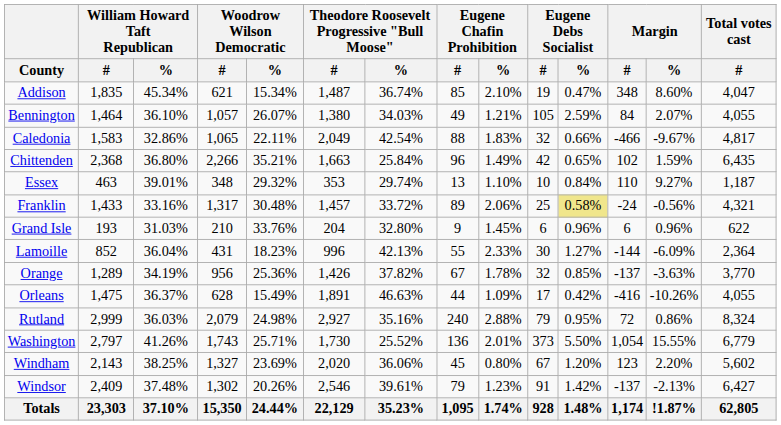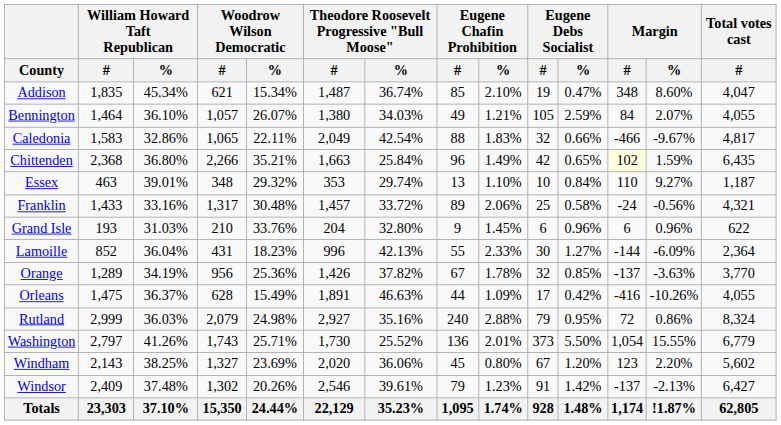 <table class="wikitable sortable">
 <tr>
 <th colspan=1></th>
 <th style="text-align:center;" colspan="2">William Howard Taft<br>Republican</th>
 <th style="text-align:center;" colspan="2">Woodrow Wilson<br>Democratic</th>
 <th style="text-align:center;" colspan="2">Theodore Roosevelt<br>Progressive "Bull Moose"</th>
 <th style="text-align:center;" colspan="2">Eugene Chafin<br>Prohibition</th>
 <th style="text-align:center;" colspan="2">Eugene Debs<br>Socialist</th>
 <th style="text-align:center;" colspan="2">Margin</th>
 <th style="text-align:center;" colspan="1">Total votes cast</th>
 </tr>
 <tr>
 <th align=center>County</th>
 <th style="text-align:center;" data-sort-type="number">#</th>
 <th style="text-align:center;" data-sort-type="number">%</th>
 <th style="text-align:center;" data-sort-type="number">#</th>
 <th style="text-align:center;" data-sort-type="number">%</th>
 <th style="text-align:center;" data-sort-type="number">#</th>
 <th style="text-align:center;" data-sort-type="number">%</th>
 <th style="text-align:center;" data-sort-type="number">#</th>
 <th style="text-align:center;" data-sort-type="number">%</th>
 <th style="text-align:center;" data-sort-type="number">#</th>
 <th style="text-align:center;" data-sort-type="number">%</th>
 <th style="text-align:center;" data-sort-type="number">#</th>
 <th style="text-align:center;" data-sort-type="number">%</th>
 <th style="text-align:center;" data-sort-type="number">#</th>
 </tr>
 <tr style="text-align:center;">
 <td><a href='#'>Addison</a></td>
 <td>1,835</td>
 <td>45.34%</td>
 <td>621</td>
 <td>15.34%</td>
 <td>1,487</td>
 <td>36.74%</td>
 <td>85</td>
 <td>2.10%</td>
 <td>19</td>
 <td>0.47%</td>
 <td>348</td>
 <td>8.60%</td>
 <td>4,047</td>
 </tr>
 <tr style="text-align:center;">
 <td><a href='#'>Bennington</a></td>
 <td>1,464</td>
 <td>36.10%</td>
 <td>1,057</td>
 <td>26.07%</td>
 <td>1,380</td>
 <td>34.03%</td>
 <td>49</td>
 <td>1.21%</td>
 <td>105</td>
 <td>2.59%</td>
 <td>84</td>
 <td>2.07%</td>
 <td>4,055</td>
 </tr>
 <tr style="text-align:center;">
 <td><a href='#'>Caledonia</a></td>
 <td>1,583</td>
 <td>32.86%</td>
 <td>1,065</td>
 <td>22.11%</td>
 <td>2,049</td>
 <td>42.54%</td>
 <td>88</td>
 <td>1.83%</td>
 <td>32</td>
 <td>0.66%</td>
 <td>-466</td>
 <td>-9.67%</td>
 <td>4,817</td>
 </tr>
 <tr style="text-align:center;">
 <td><a href='#'>Chittenden</a></td>
 <td>2,368</td>
 <td>36.80%</td>
 <td>2,266</td>
 <td>35.21%</td>
 <td>1,663</td>
 <td>25.84%</td>
 <td>96</td>
 <td>1.49%</td>
 <td>42</td>
 <td>0.65%</td>
-<td>102</td>
+<td style="background: lightyellow;">102</td>
 <td>1.59%</td>
 <td>6,435</td>
 </tr>
 <tr style="text-align:center;">
 <td><a href='#'>Essex</a></td>
 <td>463</td>
 <td>39.01%</td>
 <td>348</td>
 <td>29.32%</td>
 <td>353</td>
 <td>29.74%</td>
 <td>13</td>
 <td>1.10%</td>
 <td>10</td>
 <td>0.84%</td>
 <td>110</td>
 <td>9.27%</td>
 <td>1,187</td>
 </tr>
 <tr style="text-align:center;">
 <td><a href='#'>Franklin</a></td>
 <td>1,433</td>
 <td>33.16%</td>
 <td>1,317</td>
 <td>30.48%</td>
 <td>1,457</td>
 <td>33.72%</td>
 <td>89</td>
 <td>2.06%</td>
 <td>25</td>
-<td style="background: khaki;">0.58%</td>
+<td>0.58%</td>
 <td>-24</td>
 <td>-0.56%</td>
 <td>4,321</td>
 </tr>
 <tr style="text-align:center;">
 <td><a href='#'>Grand Isle</a></td>
 <td>193</td>
 <td>31.03%</td>
 <td>210</td>
 <td>33.76%</td>
 <td>204</td>
 <td>32.80%</td>
 <td>9</td>
 <td>1.45%</td>
 <td>6</td>
 <td>0.96%</td>
 <td>6</td>
 <td>0.96%</td>
 <td>622</td>
 </tr>
 <tr style="text-align:center;">
 <td><a href='#'>Lamoille</a></td>
 <td>852</td>
 <td>36.04%</td>
 <td>431</td>
 <td>18.23%</td>
 <td>996</td>
 <td>42.13%</td>
 <td>55</td>
 <td>2.33%</td>
 <td>30</td>
 <td>1.27%</td>
 <td>-144</td>
 <td>-6.09%</td>
 <td>2,364</td>
 </tr>
 <tr style="text-align:center;">
 <td><a href='#'>Orange</a></td>
 <td>1,289</td>
 <td>34.19%</td>
 <td>956</td>
 <td>25.36%</td>
 <td>1,426</td>
 <td>37.82%</td>
 <td>67</td>
 <td>1.78%</td>
 <td>32</td>
 <td>0.85%</td>
 <td>-137</td>
 <td>-3.63%</td>
 <td>3,770</td>
 </tr>
 <tr style="text-align:center;">
 <td><a href='#'>Orleans</a></td>
 <td>1,475</td>
 <td>36.37%</td>
 <td>628</td>
 <td>15.49%</td>
 <td>1,891</td>
 <td>46.63%</td>
 <td>44</td>
 <td>1.09%</td>
 <td>17</td>
 <td>0.42%</td>
 <td>-416</td>
 <td>-10.26%</td>
 <td>4,055</td>
 </tr>
 <tr style="text-align:center;">
 <td><a href='#'>Rutland</a></td>
 <td>2,999</td>
 <td>36.03%</td>
 <td>2,079</td>
 <td>24.98%</td>
 <td>2,927</td>
 <td>35.16%</td>
 <td>240</td>
 <td>2.88%</td>
 <td>79</td>
 <td>0.95%</td>
 <td>72</td>
 <td>0.86%</td>
 <td>8,324</td>
 </tr>
 <tr style="text-align:center;">
 <td><a href='#'>Washington</a></td>
 <td>2,797</td>
 <td>41.26%</td>
 <td>1,743</td>
 <td>25.71%</td>
 <td>1,730</td>
 <td>25.52%</td>
 <td>136</td>
 <td>2.01%</td>
 <td>373</td>
 <td>5.50%</td>
 <td>1,054</td>
 <td>15.55%</td>
 <td>6,779</td>
 </tr>
 <tr style="text-align:center;">
 <td><a href='#'>Windham</a></td>
 <td>2,143</td>
 <td>38.25%</td>
 <td>1,327</td>
 <td>23.69%</td>
 <td>2,020</td>
 <td>36.06%</td>
 <td>45</td>
 <td>0.80%</td>
 <td>67</td>
 <td>1.20%</td>
 <td>123</td>
 <td>2.20%</td>
 <td>5,602</td>
 </tr>
 <tr style="text-align:center;">
 <td><a href='#'>Windsor</a></td>
 <td>2,409</td>
 <td>37.48%</td>
 <td>1,302</td>
 <td>20.26%</td>
 <td>2,546</td>
 <td>39.61%</td>
 <td>79</td>
 <td>1.23%</td>
 <td>91</td>
 <td>1.42%</td>
 <td>-137</td>
 <td>-2.13%</td>
 <td>6,427</td>
 </tr>
 <tr style="text-align:center;">
 <th>Totals</th>
 <th>23,303</th>
 <th>37.10%</th>
 <th>15,350</th>
 <th>24.44%</th>
 <th>22,129</th>
 <th>35.23%</th>
 <th>1,095</th>
 <th>1.74%</th>
 <th>928</th>
 <th>1.48%</th>
 <th>1,174</th>
 <th>!1.87%</th>
 <th>62,805</th>
 </tr>
 </table>
